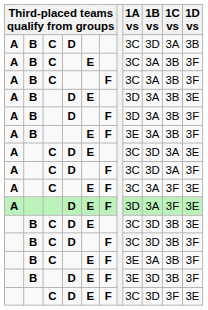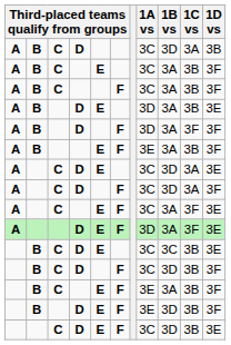 <table class="wikitable" style="text-align:center; font-size:85%">
 <tr>
 <th colspan="6">Third-placed teams<br>qualify from groups</th>
 <th rowspan="16"></th>
 <th>1A<br>vs</th>
 <th>1B<br>vs</th>
 <th>1C<br>vs</th>
 <th>1D<br>vs</th>
 </tr>
 <tr>
 <td><strong>A</strong></td>
 <td><strong>B</strong></td>
 <td><strong>C</strong></td>
 <td><strong>D</strong></td>
 <td></td>
 <td></td>
 <td>3C</td>
 <td>3D</td>
 <td>3A</td>
 <td>3B</td>
 </tr>
 <tr>
 <td><strong>A</strong></td>
 <td><strong>B</strong></td>
 <td><strong>C</strong></td>
 <td></td>
 <td><strong>E</strong></td>
 <td></td>
 <td>3C</td>
 <td>3A</td>
 <td>3B</td>
 <td>3F</td>
 </tr>
 <tr>
 <td><strong>A</strong></td>
 <td><strong>B</strong></td>
 <td><strong>C</strong></td>
 <td></td>
 <td></td>
 <td><strong>F</strong></td>
 <td>3C</td>
 <td>3A</td>
 <td>3B</td>
 <td>3F</td>
 </tr>
 <tr>
 <td><strong>A</strong></td>
 <td><strong>B</strong></td>
 <td></td>
 <td><strong>D</strong></td>
 <td><strong>E</strong></td>
 <td></td>
 <td>3D</td>
 <td>3A</td>
 <td>3B</td>
 <td>3E</td>
 </tr>
 <tr>
 <td><strong>A</strong></td>
 <td><strong>B</strong></td>
 <td></td>
 <td><strong>D</strong></td>
 <td></td>
 <td><strong>F</strong></td>
 <td>3D</td>
 <td>3A</td>
-<td>3B</td>
+<td>3F</td>
 <td>3F</td>
 </tr>
 <tr>
 <td><strong>A</strong></td>
 <td><strong>B</strong></td>
 <td></td>
 <td></td>
 <td><strong>E</strong></td>
 <td><strong>F</strong></td>
 <td>3E</td>
 <td>3A</td>
 <td>3B</td>
 <td>3F</td>
 </tr>
 <tr>
 <td><strong>A</strong></td>
 <td></td>
 <td><strong>C</strong></td>
 <td><strong>D</strong></td>
 <td><strong>E</strong></td>
 <td></td>
 <td>3C</td>
 <td>3D</td>
 <td>3A</td>
 <td>3E</td>
 </tr>
 <tr>
 <td><strong>A</strong></td>
 <td></td>
 <td><strong>C</strong></td>
 <td><strong>D</strong></td>
 <td></td>
 <td><strong>F</strong></td>
 <td>3C</td>
 <td>3D</td>
 <td>3A</td>
 <td>3F</td>
 </tr>
 <tr>
 <td><strong>A</strong></td>
 <td></td>
 <td><strong>C</strong></td>
 <td></td>
 <td><strong>E</strong></td>
 <td><strong>F</strong></td>
 <td>3C</td>
 <td>3A</td>
 <td>3F</td>
 <td>3E</td>
 </tr>
 <tr bgcolor=#BBF3BB>
 <td><strong>A</strong></td>
 <td></td>
 <td></td>
 <td><strong>D</strong></td>
 <td><strong>E</strong></td>
 <td><strong>F</strong></td>
 <td>3D</td>
 <td>3A</td>
 <td>3F</td>
 <td>3E</td>
 </tr>
 <tr>
 <td></td>
 <td><strong>B</strong></td>
 <td><strong>C</strong></td>
 <td><strong>D</strong></td>
 <td><strong>E</strong></td>
 <td></td>
 <td>3C</td>
-<td>3D</td>
+<td>3C</td>
 <td>3B</td>
 <td>3E</td>
 </tr>
 <tr>
 <td></td>
 <td><strong>B</strong></td>
 <td><strong>C</strong></td>
 <td><strong>D</strong></td>
 <td></td>
 <td><strong>F</strong></td>
 <td>3C</td>
 <td>3D</td>
 <td>3B</td>
 <td>3F</td>
 </tr>
 <tr>
 <td></td>
 <td><strong>B</strong></td>
 <td><strong>C</strong></td>
 <td></td>
 <td><strong>E</strong></td>
 <td><strong>F</strong></td>
 <td>3E</td>
 <td>3A</td>
 <td>3B</td>
 <td>3F</td>
 </tr>
 <tr>
 <td></td>
 <td><strong>B</strong></td>
 <td></td>
 <td><strong>D</strong></td>
 <td><strong>E</strong></td>
 <td><strong>F</strong></td>
 <td>3E</td>
 <td>3D</td>
 <td>3B</td>
 <td>3F</td>
 </tr>
 <tr>
 <td></td>
 <td></td>
 <td><strong>C</strong></td>
 <td><strong>D</strong></td>
 <td><strong>E</strong></td>
 <td><strong>F</strong></td>
 <td>3C</td>
 <td>3D</td>
-<td>3F</td>
+<td>3B</td>
 <td>3E</td>
 </tr>
 </table>
